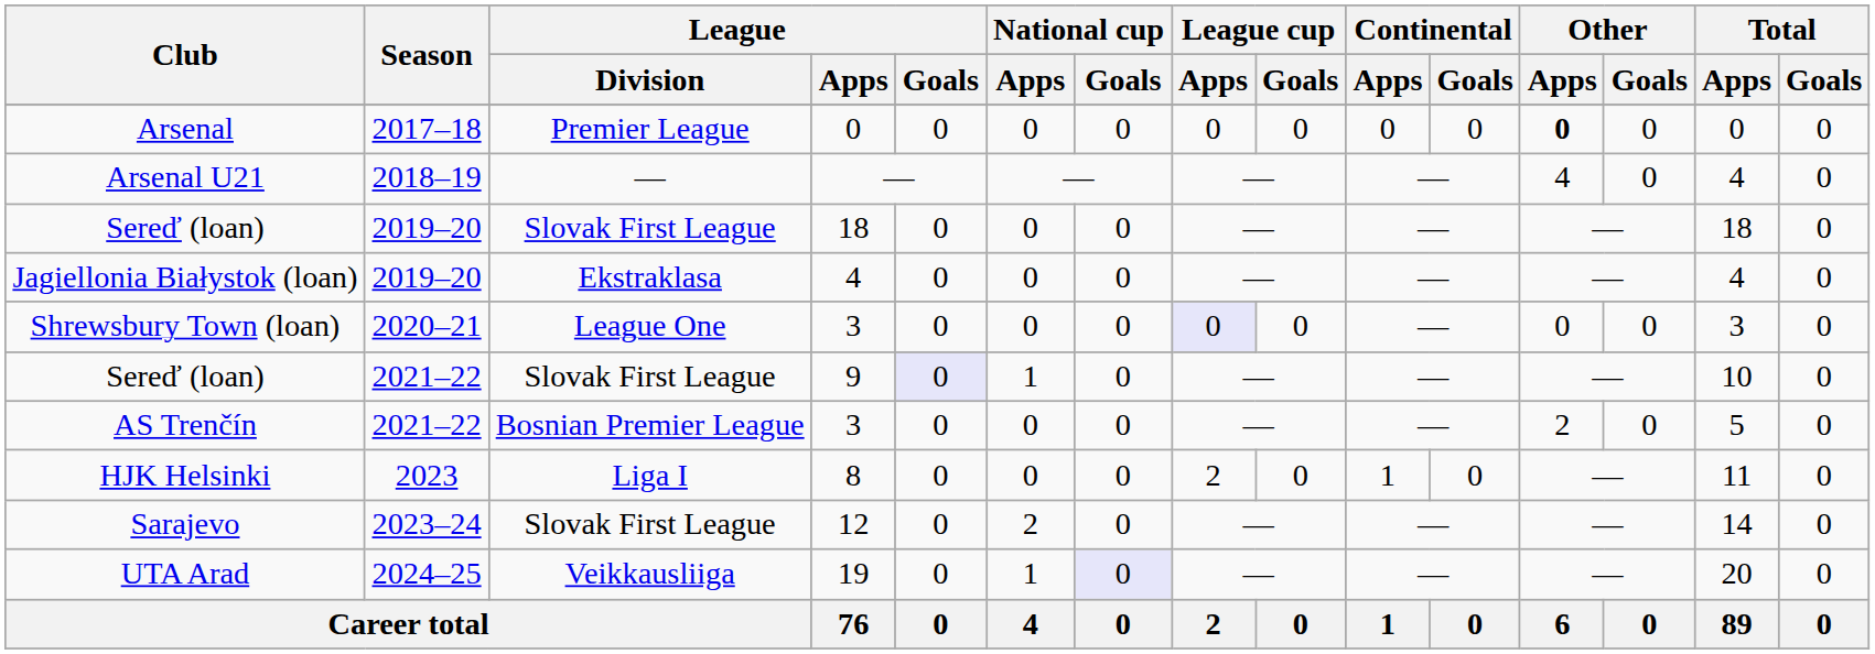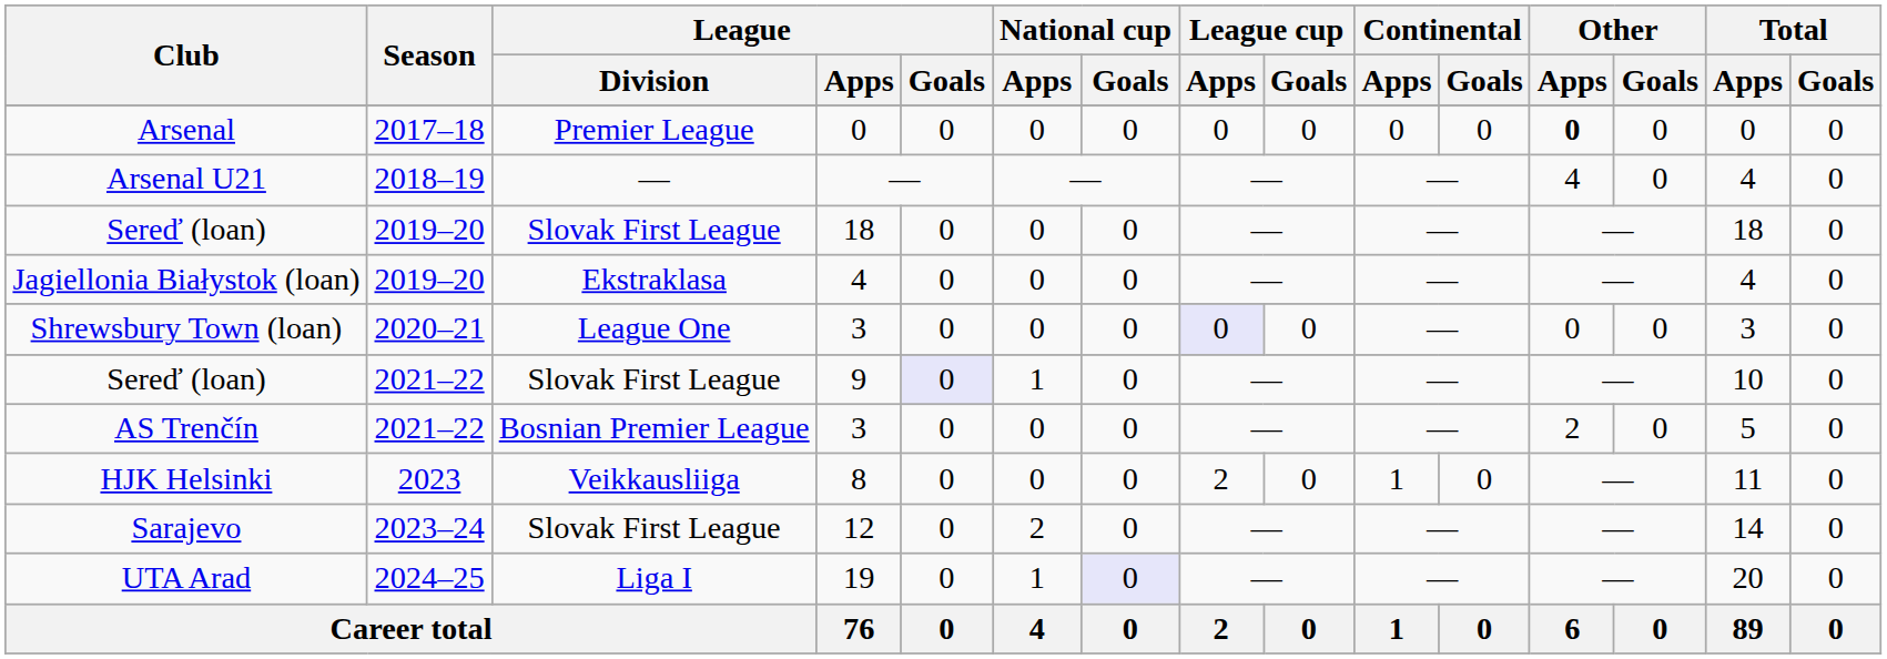 <table class="wikitable" style="text-align:center">
 <tr>
 <th rowspan=2>Club</th>
 <th rowspan=2>Season</th>
 <th colspan=3>League</th>
 <th colspan=2>National cup</th>
 <th colspan=2>League cup</th>
 <th colspan=2>Continental</th>
 <th colspan=2>Other</th>
 <th colspan=2>Total</th>
 </tr>
 <tr>
 <th>Division</th>
 <th>Apps</th>
 <th>Goals</th>
 <th>Apps</th>
 <th>Goals</th>
 <th>Apps</th>
 <th>Goals</th>
 <th>Apps</th>
 <th>Goals</th>
 <th>Apps</th>
 <th>Goals</th>
 <th>Apps</th>
 <th>Goals</th>
 </tr>
 <tr>
 </tr>
 <tr>
 <td><a href='#'>Arsenal</a></td>
 <td><a href='#'>2017–18</a></td>
 <td><a href='#'>Premier League</a></td>
 <td>0</td>
 <td>0</td>
 <td>0</td>
 <td>0</td>
 <td>0</td>
 <td>0</td>
 <td>0</td>
 <td>0</td>
 <td><strong>0</strong></td>
 <td>0</td>
 <td>0</td>
 <td>0</td>
 </tr>
 <tr>
 <td><a href='#'>Arsenal U21</a></td>
 <td><a href='#'>2018–19</a></td>
 <td>—</td>
 <td colspan=2>—</td>
 <td colspan=2>—</td>
 <td colspan=2>—</td>
 <td colspan=2>—</td>
 <td>4</td>
 <td>0</td>
 <td>4</td>
 <td>0</td>
 </tr>
 <tr>
 <td><a href='#'>Sereď</a> (loan)</td>
 <td><a href='#'>2019–20</a></td>
 <td><a href='#'>Slovak First League</a></td>
 <td>18</td>
 <td>0</td>
 <td>0</td>
 <td>0</td>
 <td colspan=2>—</td>
 <td colspan=2>—</td>
 <td colspan=2>—</td>
 <td>18</td>
 <td>0</td>
 </tr>
 <tr>
 <td><a href='#'>Jagiellonia Białystok</a> (loan)</td>
 <td><a href='#'>2019–20</a></td>
 <td><a href='#'>Ekstraklasa</a></td>
 <td>4</td>
 <td>0</td>
 <td>0</td>
 <td>0</td>
 <td colspan=2>—</td>
 <td colspan=2>—</td>
 <td colspan=2>—</td>
 <td>4</td>
 <td>0</td>
 </tr>
 <tr>
 <td><a href='#'>Shrewsbury Town</a> (loan)</td>
 <td><a href='#'>2020–21</a></td>
 <td><a href='#'>League One</a></td>
 <td>3</td>
 <td>0</td>
 <td>0</td>
 <td>0</td>
 <td style="background: lavender;">0</td>
 <td>0</td>
 <td colspan=2>—</td>
 <td>0</td>
 <td>0</td>
 <td>3</td>
 <td>0</td>
 </tr>
 <tr>
 <td>Sereď (loan)</td>
 <td><a href='#'>2021–22</a></td>
 <td>Slovak First League</td>
 <td>9</td>
 <td style="background: lavender;">0</td>
 <td>1</td>
 <td>0</td>
 <td colspan=2>—</td>
 <td colspan=2>—</td>
 <td colspan=2>—</td>
 <td>10</td>
 <td>0</td>
 </tr>
 <tr>
 <td rowspan=1><a href='#'>AS Trenčín</a></td>
 <td><a href='#'>2021–22</a></td>
 <td><a href='#'>Bosnian Premier League</a></td>
 <td>3</td>
 <td>0</td>
 <td>0</td>
 <td>0</td>
 <td colspan=2>—</td>
 <td colspan=2>—</td>
 <td>2</td>
 <td>0</td>
 <td>5</td>
 <td>0</td>
 </tr>
 <tr>
 <td><a href='#'>HJK Helsinki</a></td>
 <td><a href='#'>2023</a></td>
-<td><a href='#'>Liga I</a></td>
+<td><a href='#'>Veikkausliiga</a></td>
 <td>8</td>
 <td>0</td>
 <td>0</td>
 <td>0</td>
 <td>2</td>
 <td>0</td>
 <td>1</td>
 <td>0</td>
 <td colspan=2>—</td>
 <td>11</td>
 <td>0</td>
 </tr>
 <tr>
 <td><a href='#'>Sarajevo</a></td>
 <td><a href='#'>2023–24</a></td>
 <td>Slovak First League</td>
 <td>12</td>
 <td>0</td>
 <td>2</td>
 <td>0</td>
 <td colspan=2>—</td>
 <td colspan=2>—</td>
 <td colspan=2>—</td>
 <td>14</td>
 <td>0</td>
 </tr>
 <tr>
 <td><a href='#'>UTA Arad</a></td>
 <td><a href='#'>2024–25</a></td>
-<td><a href='#'>Veikkausliiga</a></td>
+<td><a href='#'>Liga I</a></td>
 <td>19</td>
 <td>0</td>
 <td>1</td>
 <td style="background: lavender;">0</td>
 <td colspan=2>—</td>
 <td colspan=2>—</td>
 <td colspan=2>—</td>
 <td>20</td>
 <td>0</td>
 </tr>
 <tr>
 <th colspan=3>Career total</th>
 <th>76</th>
 <th>0</th>
 <th>4</th>
 <th>0</th>
 <th>2</th>
 <th>0</th>
 <th>1</th>
 <th>0</th>
 <th>6</th>
 <th>0</th>
 <th>89</th>
 <th>0</th>
 </tr>
 </table>
